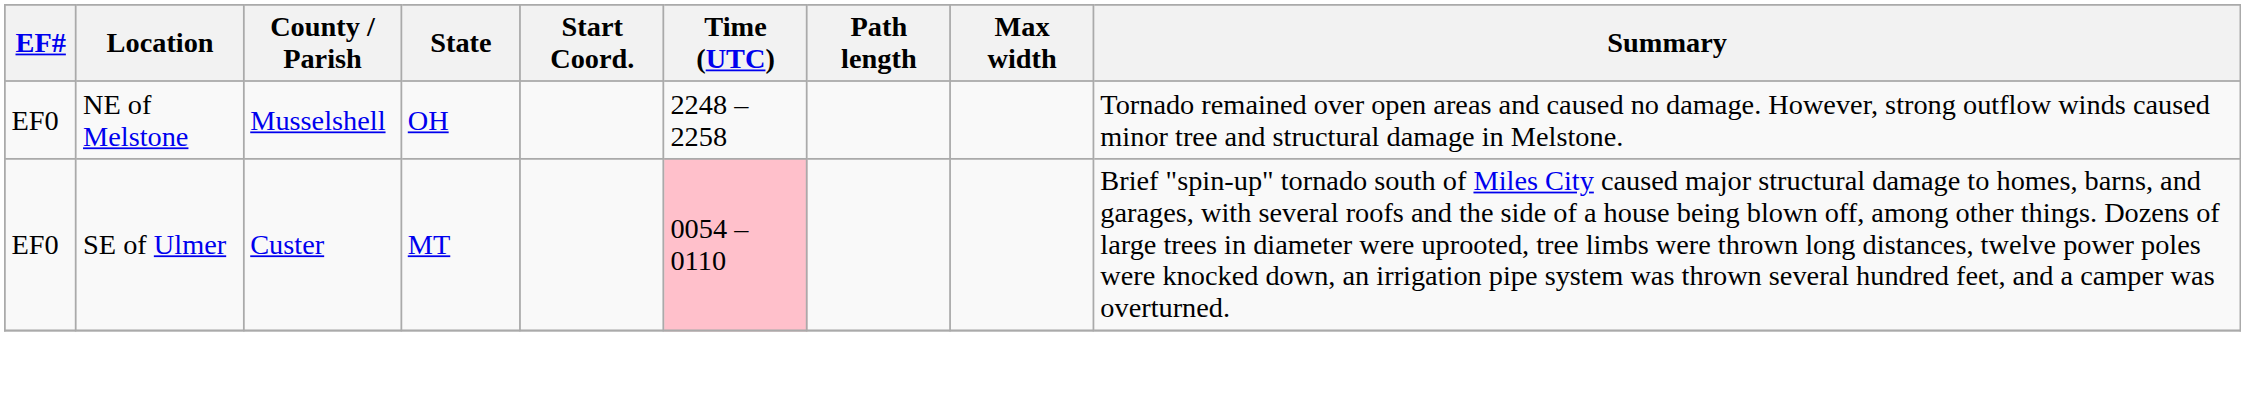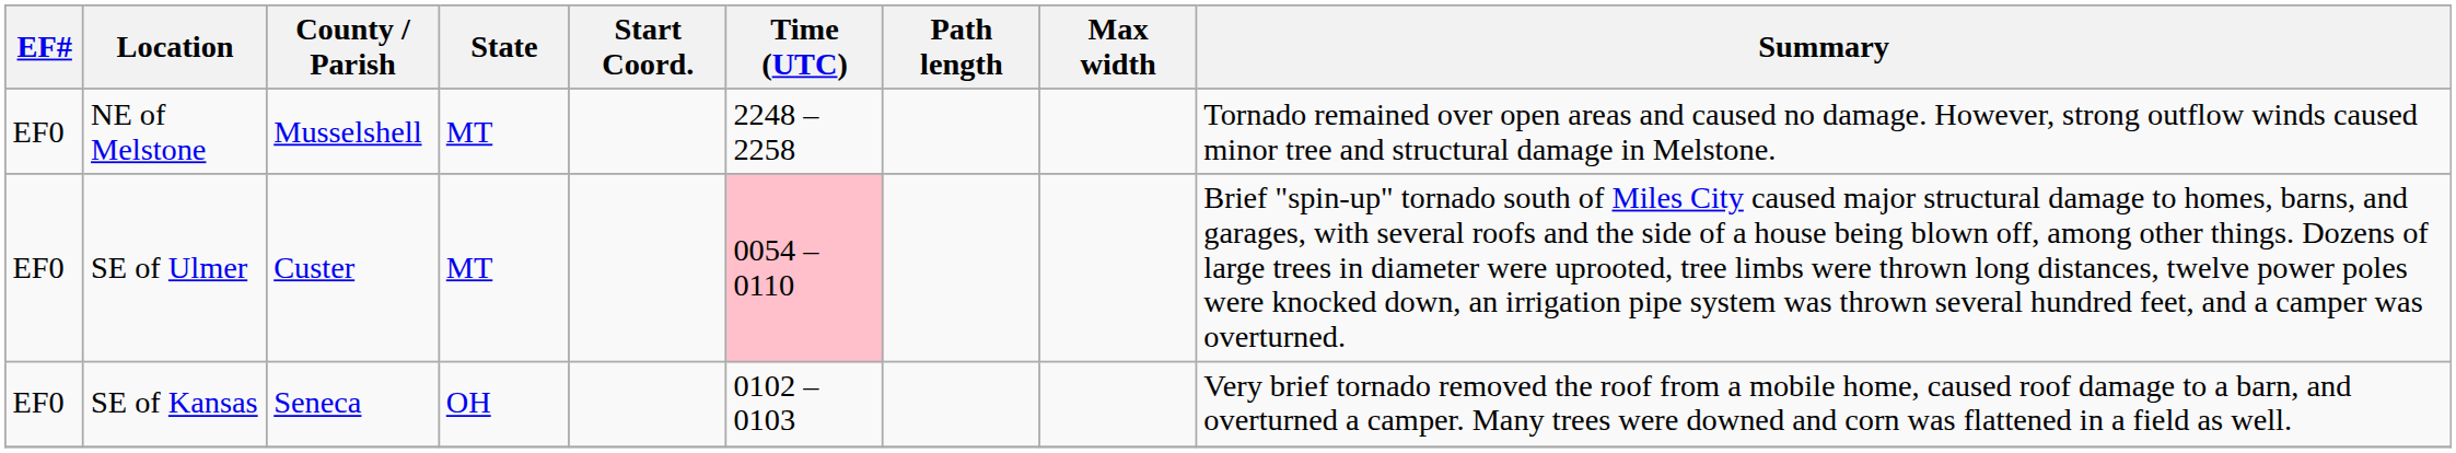 <table class="wikitable sortable" style="width:100%;">
 <tr>
 <th scope="col" width="3%" align="center"><a href='#'>EF#</a></th>
 <th scope="col" width="7%" align="center" class="unsortable">Location</th>
 <th scope="col" width="6%" align="center" class="unsortable">County / Parish</th>
 <th scope="col" width="5%" align="center">State</th>
 <th scope="col" width="6%" align="center">Start Coord.</th>
 <th scope="col" width="6%" align="center">Time (<a href='#'>UTC</a>)</th>
 <th scope="col" width="6%" align="center">Path length</th>
 <th scope="col" width="6%" align="center">Max width</th>
 <th scope="col" width="48%" class="unsortable" align="center">Summary</th>
 </tr>
 <tr>
 <td>EF0</td>
 <td>NE of <a href='#'>Melstone</a></td>
 <td><a href='#'>Musselshell</a></td>
-<td><a href='#'>OH</a></td>
+<td><a href='#'>MT</a></td>
 <td></td>
 <td>2248 – 2258</td>
 <td></td>
 <td></td>
 <td>Tornado remained over open areas and caused no damage. However, strong outflow winds caused minor tree and structural damage in Melstone.</td>
 </tr>
 <tr>
 <td>EF0</td>
 <td>SE of <a href='#'>Ulmer</a></td>
 <td><a href='#'>Custer</a></td>
 <td><a href='#'>MT</a></td>
 <td></td>
 <td style="background: pink;">0054 – 0110</td>
 <td></td>
 <td></td>
 <td>Brief "spin-up" tornado south of <a href='#'>Miles City</a> caused major structural damage to homes, barns, and garages, with several roofs and the side of a house being blown off, among other things. Dozens of large trees  in diameter were uprooted, tree limbs were thrown long distances, twelve power poles were knocked down, an irrigation pipe system was thrown several hundred feet, and a camper was overturned.</td>
 </tr>
 <tr>
+<td>EF0</td>
+<td>SE of <a href='#'>Kansas</a></td>
+<td><a href='#'>Seneca</a></td>
+<td><a href='#'>OH</a></td>
+<td></td>
+<td>0102 – 0103</td>
+<td></td>
+<td></td>
+<td>Very brief tornado removed the roof from a mobile home, caused roof damage to a barn, and overturned a camper. Many trees were downed and corn was flattened in a field as well.</td>
+</tr>
+<tr>
 </tr>
 </table>
